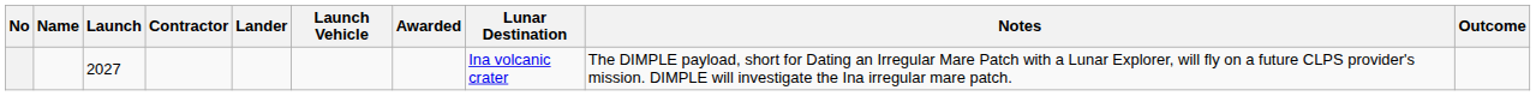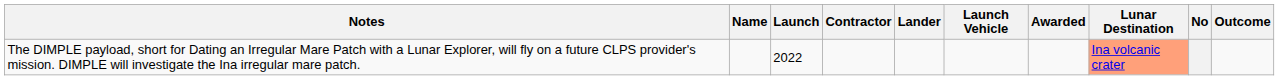 <table class="wikitable">
 <tr>
-<th>No</th>
+<th>Notes</th>
 <th>Name</th>
 <th>Launch</th>
 <th>Contractor</th>
 <th>Lander</th>
 <th>Launch Vehicle</th>
 <th>Awarded</th>
 <th>Lunar<br>Destination</th>
-<th>Notes</th>
+<th>No</th>
 <th>Outcome</th>
 </tr>
 <tr>
-<th></th>
+<td>The DIMPLE payload, short for Dating an Irregular Mare Patch with a Lunar Explorer, will fly on a future CLPS provider's mission. DIMPLE will investigate the Ina irregular mare patch.</td>
 <td></td>
-<td>2027</td>
+<td>2022</td>
 <td></td>
 <td></td>
 <td></td>
 <td></td>
-<td><a href='#'> Ina volcanic crater</a></td>
-<td>The DIMPLE payload, short for Dating an Irregular Mare Patch with a Lunar Explorer, will fly on a future CLPS provider's mission. DIMPLE will investigate the Ina irregular mare patch.</td>
+<td style="background: lightsalmon;"><a href='#'> Ina volcanic crater</a></td>
+<th></th>
 <td></td>
 </tr>
 </table>
